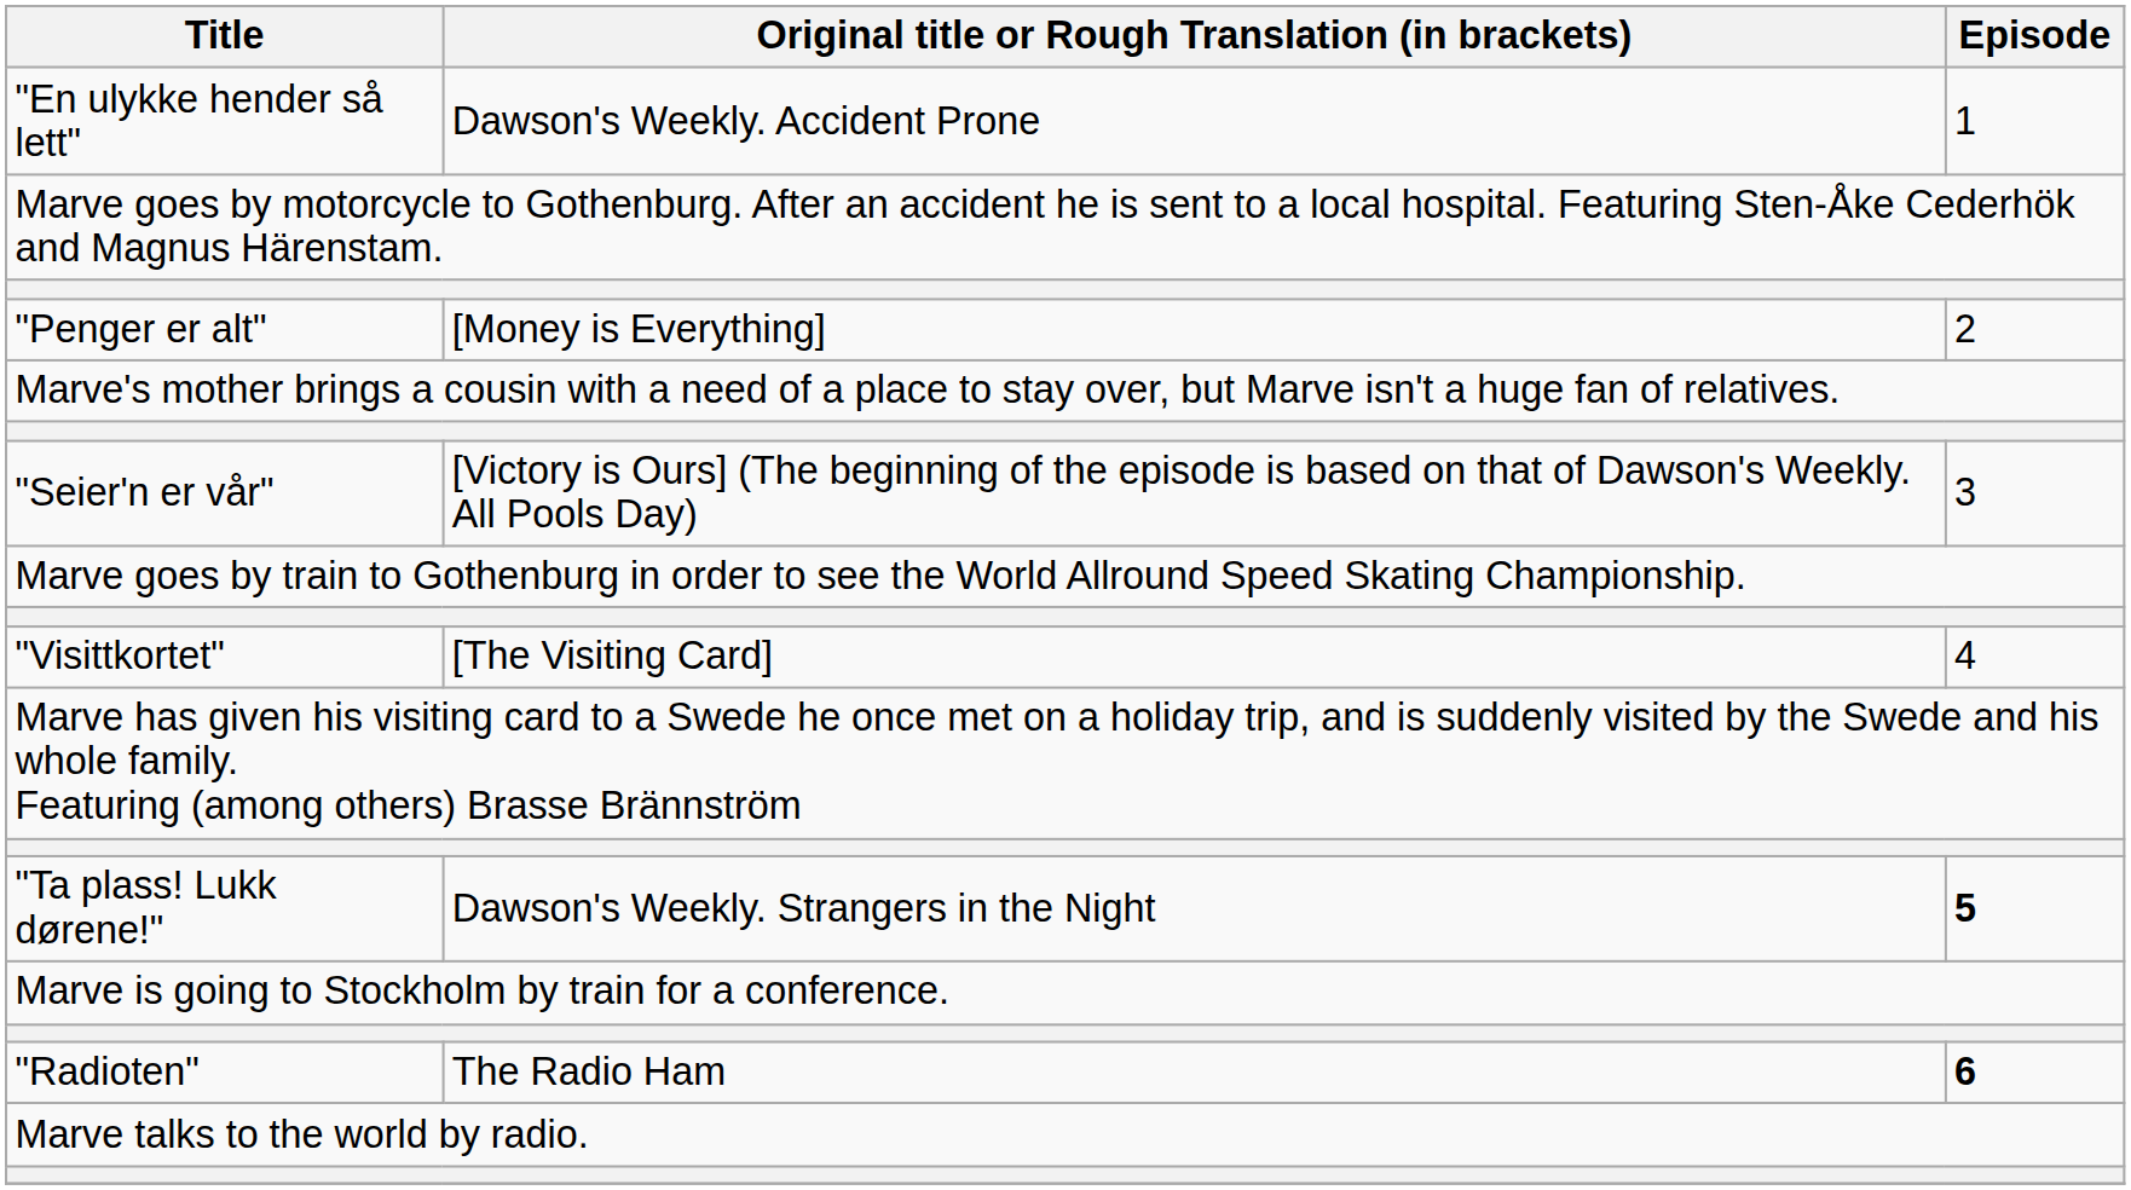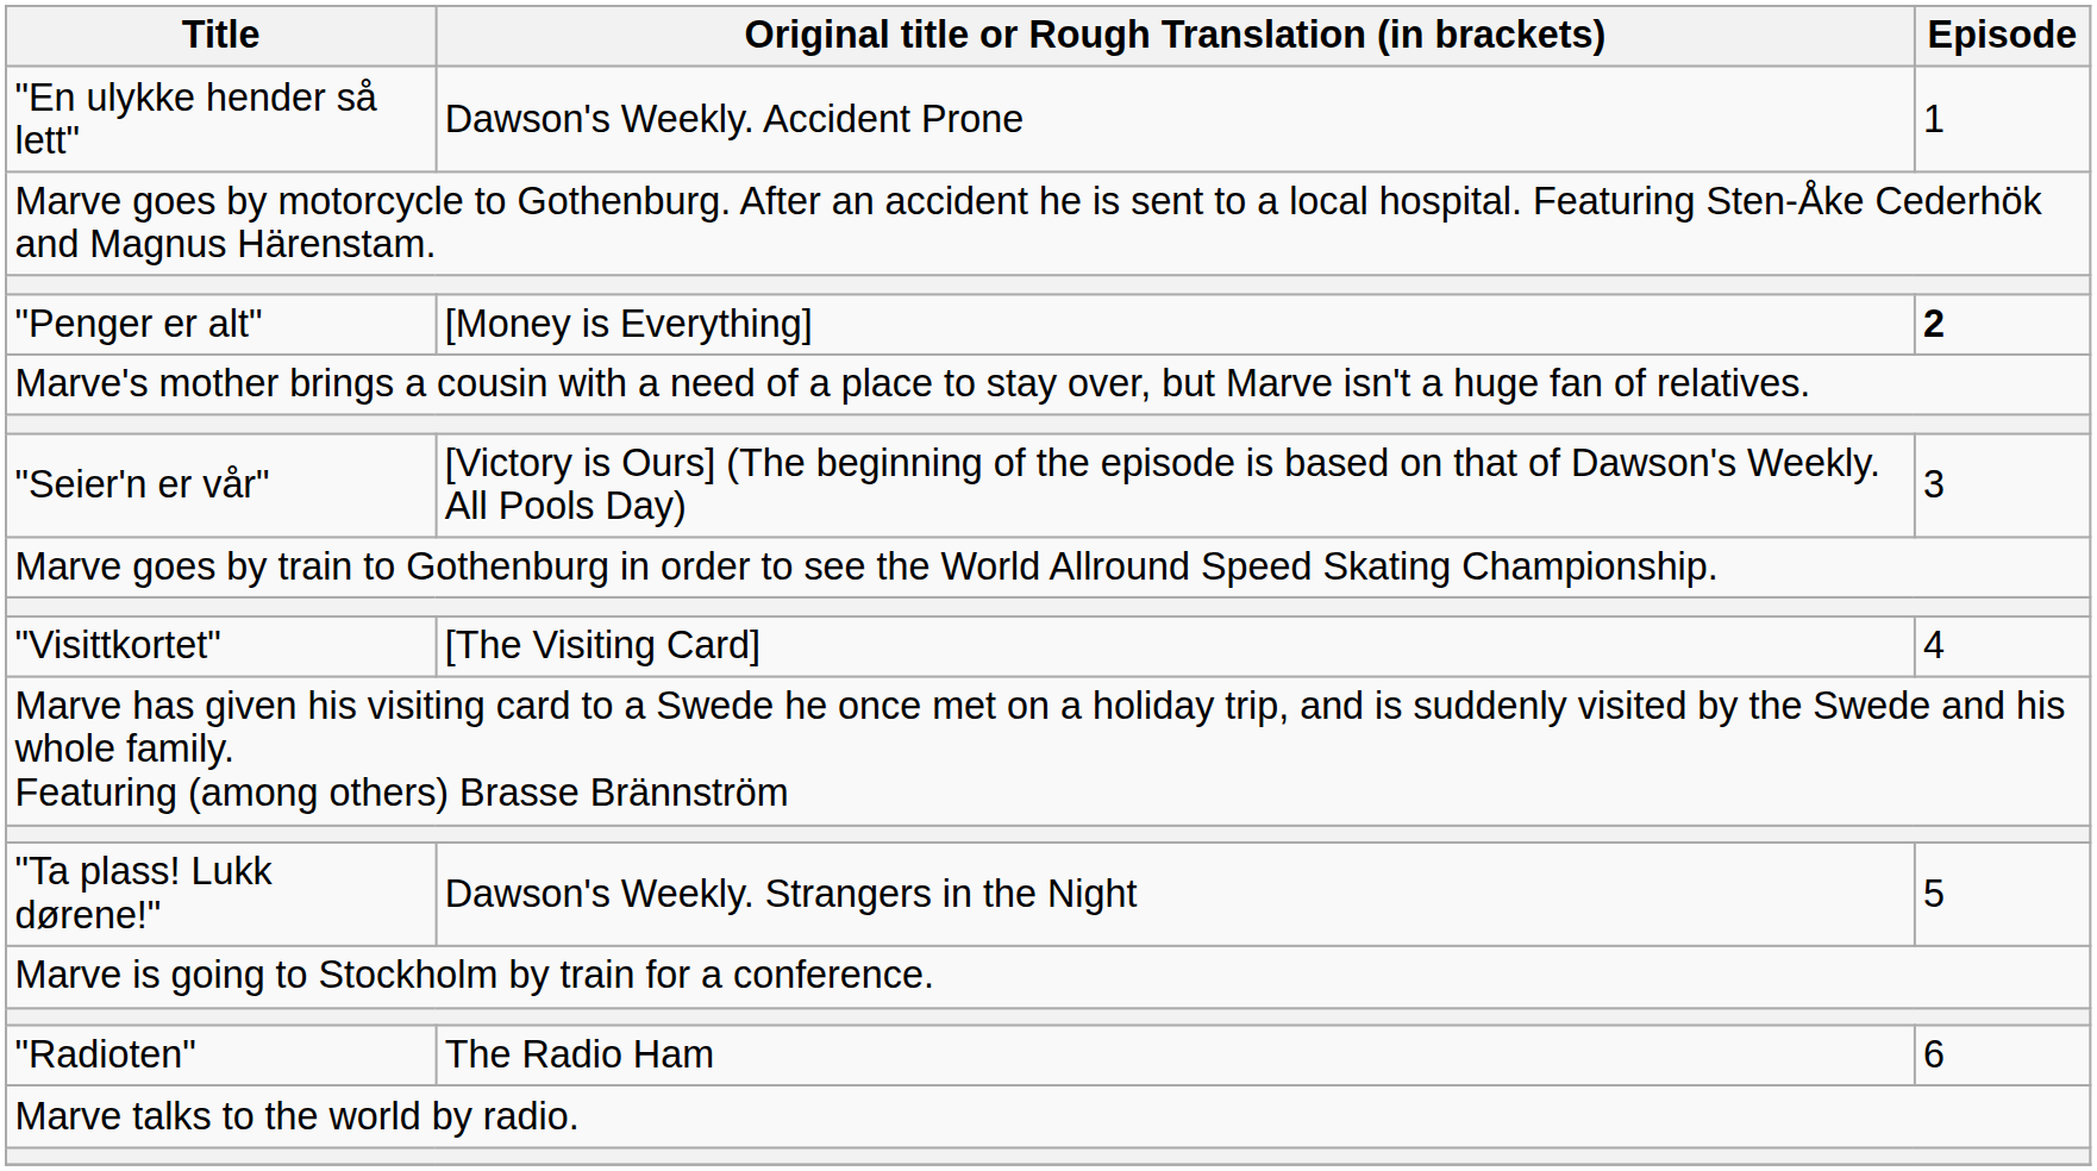 <table class="wikitable">
 <tr>
 <th>Title</th>
 <th>Original title or Rough Translation (in brackets)</th>
 <th>Episode</th>
 </tr>
 <tr>
 <td>"En ulykke hender så lett"</td>
 <td>Dawson's Weekly. Accident Prone</td>
 <td>1</td>
 </tr>
 <tr>
 <td colspan="6">Marve goes by motorcycle to Gothenburg. After an accident he is sent to a local hospital. Featuring Sten-Åke Cederhök and Magnus Härenstam.</td>
 </tr>
 <tr>
 <td colspan="6" bgcolor="#f2f2f2"></td>
 </tr>
 <tr>
 <td>"Penger er alt"</td>
 <td>[Money is Everything]</td>
-<td>2</td>
+<td><strong>2</strong></td>
 </tr>
 <tr>
 <td colspan="6">Marve's mother brings a cousin with a need of a place to stay over, but Marve isn't a huge fan of relatives.</td>
 </tr>
 <tr>
 <td colspan="6" bgcolor="#f2f2f2"></td>
 </tr>
 <tr>
 <td>"Seier'n er vår"</td>
 <td>[Victory is Ours] (The beginning of the episode is based on that of Dawson's Weekly. All Pools Day)</td>
 <td>3</td>
 </tr>
 <tr>
 <td colspan="6">Marve goes by train to Gothenburg in order to see the World Allround Speed Skating Championship.</td>
 </tr>
 <tr>
 <td colspan="6" bgcolor="#f2f2f2"></td>
 </tr>
 <tr>
 <td>"Visittkortet"</td>
 <td>[The Visiting Card]</td>
 <td>4</td>
 </tr>
 <tr>
 <td colspan="6">Marve has given his visiting card to a Swede he once met on a holiday trip, and is suddenly visited by the Swede and his whole family.<br>Featuring (among others) Brasse Brännström</td>
 </tr>
 <tr>
 <td colspan="6" bgcolor="#f2f2f2"></td>
 </tr>
 <tr>
 <td>"Ta plass! Lukk dørene!"</td>
 <td>Dawson's Weekly. Strangers in the Night</td>
-<td><strong>5</strong></td>
+<td>5</td>
 </tr>
 <tr>
 <td colspan="6">Marve is going to Stockholm by train for a conference.</td>
 </tr>
 <tr>
 <td colspan="6" bgcolor="#f2f2f2"></td>
 </tr>
 <tr>
 <td>"Radioten"</td>
 <td>The Radio Ham</td>
-<td><strong>6</strong></td>
+<td>6</td>
 </tr>
 <tr>
 <td colspan="6">Marve talks to the world by radio.</td>
 </tr>
 <tr>
 <td colspan="6" bgcolor="#f2f2f2"></td>
 </tr>
 <tr>
 </tr>
 </table>
